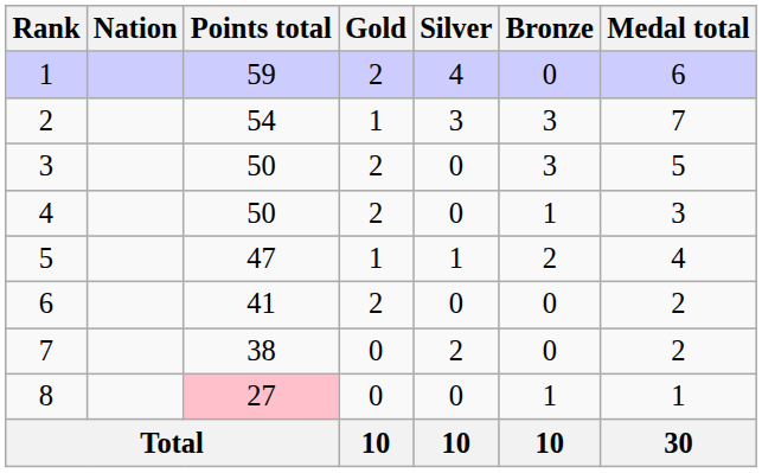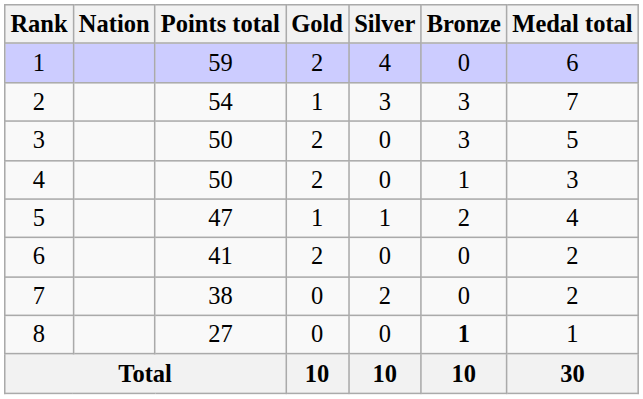 <table class=wikitable sortable style="text-align:center;">
 <tr>
 <th>Rank</th>
 <th>Nation</th>
 <th>Points total</th>
 <th>Gold</th>
 <th>Silver</th>
 <th>Bronze</th>
 <th>Medal total</th>
 </tr>
 <tr style="background-color:#ccccff">
 <td>1</td>
 <td align=left></td>
 <td>59</td>
 <td>2</td>
 <td>4</td>
 <td>0</td>
 <td>6</td>
 </tr>
 <tr>
 <td>2</td>
 <td align=left></td>
 <td>54</td>
 <td>1</td>
 <td>3</td>
 <td>3</td>
 <td>7</td>
 </tr>
 <tr>
 <td>3</td>
 <td align=left></td>
 <td>50</td>
 <td>2</td>
 <td>0</td>
 <td>3</td>
 <td>5</td>
 </tr>
 <tr>
 <td>4</td>
 <td align=left></td>
 <td>50</td>
 <td>2</td>
 <td>0</td>
 <td>1</td>
 <td>3</td>
 </tr>
 <tr>
 <td>5</td>
 <td align=left></td>
 <td>47</td>
 <td>1</td>
 <td>1</td>
 <td>2</td>
 <td>4</td>
 </tr>
 <tr>
 <td>6</td>
 <td align=left></td>
 <td>41</td>
 <td>2</td>
 <td>0</td>
 <td>0</td>
 <td>2</td>
 </tr>
 <tr>
 <td>7</td>
 <td align=left></td>
 <td>38</td>
 <td>0</td>
 <td>2</td>
 <td>0</td>
 <td>2</td>
 </tr>
 <tr>
 <td>8</td>
 <td align=left></td>
-<td style="background: pink;">27</td>
+<td>27</td>
 <td>0</td>
 <td>0</td>
-<td>1</td>
+<td><strong>1</strong></td>
 <td>1</td>
 </tr>
 <tr class="sortbottom">
 <th colspan=3>Total</th>
 <th>10</th>
 <th>10</th>
 <th>10</th>
 <th>30</th>
 </tr>
 </table>
